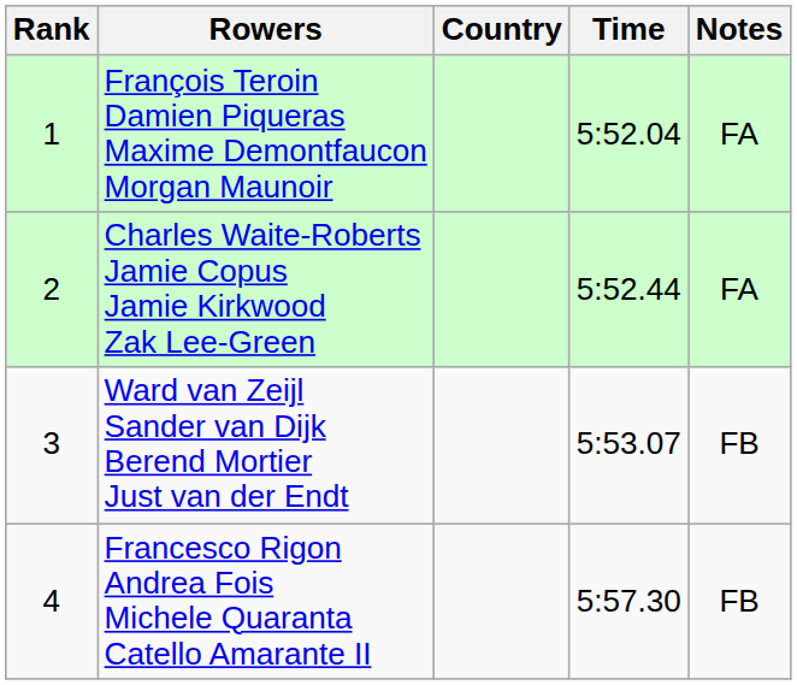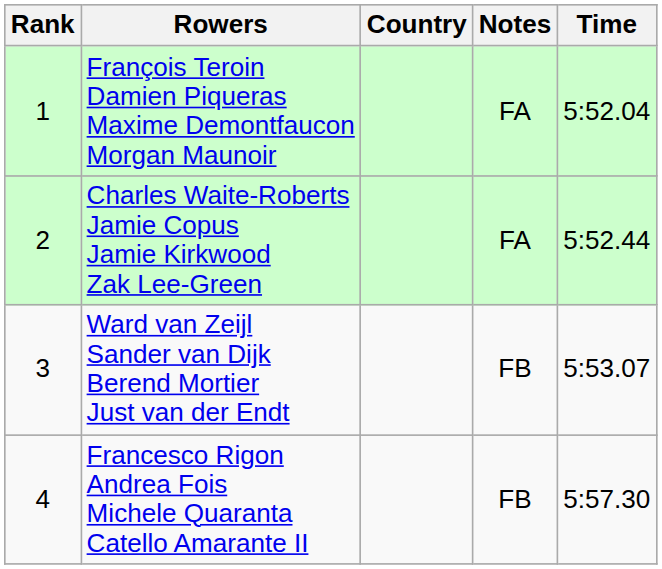 <table class="wikitable" style="text-align:center">
 <tr>
 <th>Rank</th>
 <th>Rowers</th>
 <th>Country</th>
+<th>Notes</th>
 <th>Time</th>
-<th>Notes</th>
 </tr>
 <tr bgcolor=ccffcc>
 <td>1</td>
 <td align="left"><a href='#'>François Teroin</a><br><a href='#'>Damien Piqueras</a><br><a href='#'>Maxime Demontfaucon</a><br><a href='#'>Morgan Maunoir</a></td>
 <td align="left"></td>
+<td>FA</td>
 <td>5:52.04</td>
-<td>FA</td>
 </tr>
 <tr bgcolor=ccffcc>
 <td>2</td>
 <td align="left"><a href='#'>Charles Waite-Roberts</a><br><a href='#'>Jamie Copus</a><br><a href='#'>Jamie Kirkwood</a><br><a href='#'>Zak Lee-Green</a></td>
 <td align="left"></td>
+<td>FA</td>
 <td>5:52.44</td>
-<td>FA</td>
 </tr>
 <tr>
 <td>3</td>
 <td align="left"><a href='#'>Ward van Zeijl</a><br><a href='#'>Sander van Dijk</a><br><a href='#'>Berend Mortier</a><br><a href='#'>Just van der Endt</a></td>
 <td align="left"></td>
+<td>FB</td>
 <td>5:53.07</td>
-<td>FB</td>
 </tr>
 <tr>
 <td>4</td>
 <td align="left"><a href='#'>Francesco Rigon</a><br><a href='#'>Andrea Fois</a><br><a href='#'>Michele Quaranta</a><br><a href='#'>Catello Amarante II</a></td>
 <td align="left"></td>
+<td>FB</td>
 <td>5:57.30</td>
-<td>FB</td>
 </tr>
 </table>
